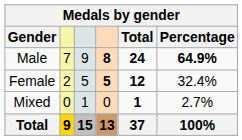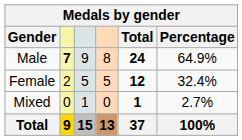 <table class=wikitable style=font-size:85%;float:right;text-align:center>
 <tr>
 <th colspan=6>Medals by gender</th>
 </tr>
 <tr>
 <th>Gender</th>
 <td bgcolor=F7F6A8></td>
 <td bgcolor=DCE5E5></td>
 <td bgcolor=FFDAB9></td>
 <th>Total</th>
 <th>Percentage</th>
 </tr>
 <tr>
 <td>Male</td>
-<td bgcolor=F7F6A8>7</td>
+<td bgcolor=F7F6A8><strong>7</strong></td>
 <td bgcolor=DCE5E5>9</td>
-<td bgcolor=FFDAB9><strong>8</strong></td>
+<td bgcolor=FFDAB9>8</td>
 <td><strong>24</strong></td>
-<td><strong>64.9%</strong></td>
+<td>64.9%</td>
 </tr>
 <tr>
 <td>Female</td>
 <td bgcolor=F7F6A8>2</td>
 <td bgcolor=DCE5E5>5</td>
-<td bgcolor=FFDAB9><strong>5</strong></td>
+<td bgcolor=FFDAB9>5</td>
 <td><strong>12</strong></td>
 <td>32.4%</td>
 </tr>
 <tr>
 <td>Mixed</td>
 <td bgcolor=F7F6A8>0</td>
 <td bgcolor=DCE5E5>1</td>
 <td bgcolor=FFDAB9>0</td>
 <td><strong>1</strong></td>
 <td>2.7%</td>
 </tr>
 <tr>
 <th>Total</th>
 <th style=background:gold>9</th>
 <th style=background:silver>15</th>
 <th style=background:#c96>13</th>
 <th>37</th>
 <th>100%</th>
 </tr>
 </table>
